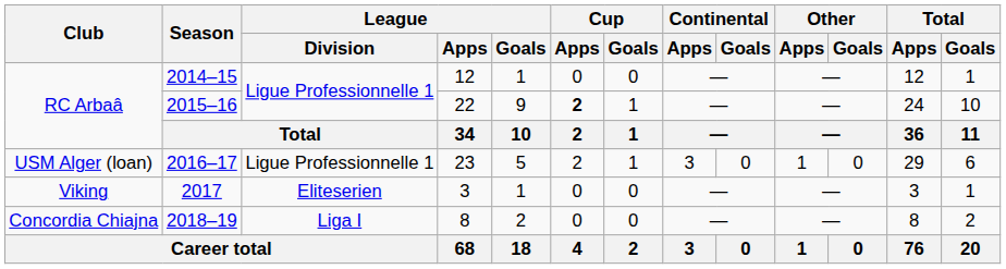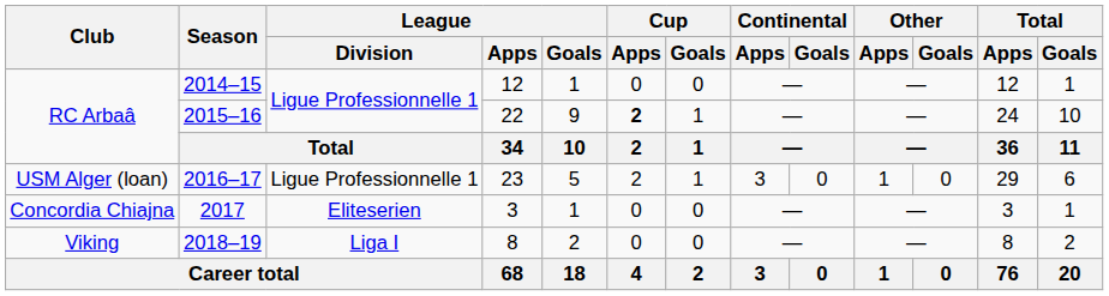 <table class="wikitable" style="text-align: center">
 <tr>
 <th rowspan="2">Club</th>
 <th rowspan="2">Season</th>
 <th colspan="3">League</th>
 <th colspan="2">Cup</th>
 <th colspan="2">Continental</th>
 <th colspan="2">Other</th>
 <th colspan="2">Total</th>
 </tr>
 <tr>
 <th>Division</th>
 <th>Apps</th>
 <th>Goals</th>
 <th>Apps</th>
 <th>Goals</th>
 <th>Apps</th>
 <th>Goals</th>
 <th>Apps</th>
 <th>Goals</th>
 <th>Apps</th>
 <th>Goals</th>
 </tr>
 <tr>
 <td rowspan="3"><a href='#'>RC Arbaâ</a></td>
 <td><a href='#'>2014–15</a></td>
 <td rowspan="2"><a href='#'>Ligue Professionnelle 1</a></td>
 <td>12</td>
 <td>1</td>
 <td>0</td>
 <td>0</td>
 <td colspan=2>—</td>
 <td colspan=2>—</td>
 <td>12</td>
 <td>1</td>
 </tr>
 <tr>
 <td><a href='#'>2015–16</a></td>
 <td>22</td>
 <td>9</td>
 <td><strong>2</strong></td>
 <td>1</td>
 <td colspan=2>—</td>
 <td colspan=2>—</td>
 <td>24</td>
 <td>10</td>
 </tr>
 <tr>
 <th colspan="2">Total</th>
 <th>34</th>
 <th>10</th>
 <th>2</th>
 <th>1</th>
 <th colspan=2>—</th>
 <th colspan=2>—</th>
 <th>36</th>
 <th>11</th>
 </tr>
 <tr>
 <td><a href='#'>USM Alger</a> (loan)</td>
 <td><a href='#'>2016–17</a></td>
 <td>Ligue Professionnelle 1</td>
 <td>23</td>
 <td>5</td>
 <td>2</td>
 <td>1</td>
 <td>3</td>
 <td>0</td>
 <td>1</td>
 <td>0</td>
 <td>29</td>
 <td>6</td>
 </tr>
 <tr>
-<td><a href='#'>Viking</a></td>
+<td><a href='#'>Concordia Chiajna</a></td>
 <td><a href='#'>2017</a></td>
 <td><a href='#'>Eliteserien</a></td>
 <td>3</td>
 <td>1</td>
 <td>0</td>
 <td>0</td>
 <td colspan="2">—</td>
 <td colspan="2">—</td>
 <td>3</td>
 <td>1</td>
 </tr>
 <tr>
-<td><a href='#'>Concordia Chiajna</a></td>
+<td><a href='#'>Viking</a></td>
 <td><a href='#'>2018–19</a></td>
 <td><a href='#'>Liga I</a></td>
 <td>8</td>
 <td>2</td>
 <td>0</td>
 <td>0</td>
 <td colspan="2">—</td>
 <td colspan="2">—</td>
 <td>8</td>
 <td>2</td>
 </tr>
 <tr>
 <th colspan="3">Career total</th>
 <th>68</th>
 <th>18</th>
 <th>4</th>
 <th>2</th>
 <th>3</th>
 <th>0</th>
 <th>1</th>
 <th>0</th>
 <th>76</th>
 <th>20</th>
 </tr>
 </table>
